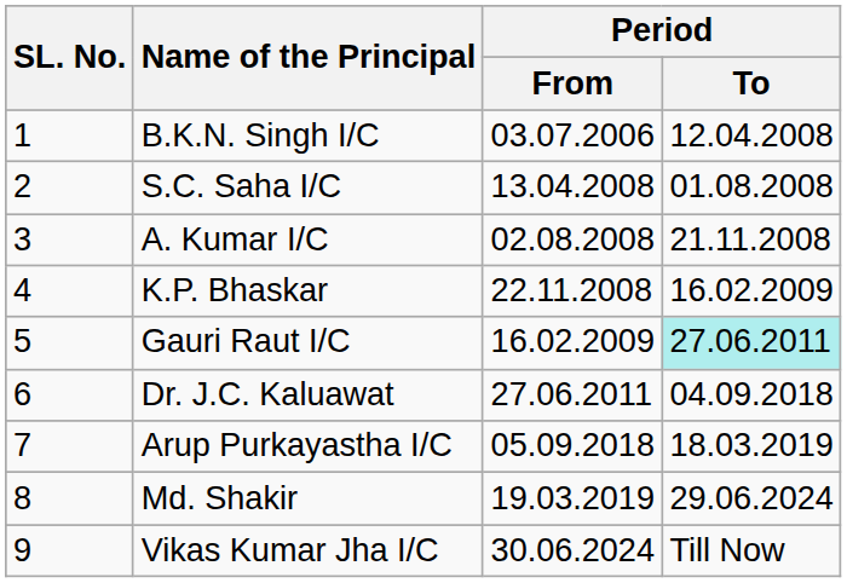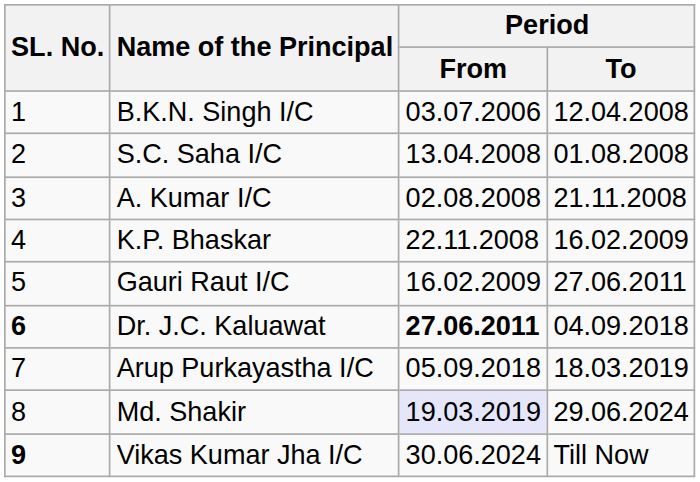 <table class="wikitable sortable mw-collapsible">
 <tr>
 <th rowspan=2>SL. No.</th>
 <th rowspan=2>Name of the Principal</th>
 <th colspan="2">Period</th>
 </tr>
 <tr>
 <th>From</th>
 <th>To</th>
 </tr>
 <tr>
 <td>1</td>
 <td>B.K.N. Singh I/C</td>
 <td>03.07.2006</td>
 <td>12.04.2008</td>
 </tr>
 <tr>
 <td>2</td>
 <td>S.C. Saha I/C</td>
 <td>13.04.2008</td>
 <td>01.08.2008</td>
 </tr>
 <tr>
 <td>3</td>
 <td>A. Kumar I/C</td>
 <td>02.08.2008</td>
 <td>21.11.2008</td>
 </tr>
 <tr>
 <td>4</td>
 <td>K.P. Bhaskar</td>
 <td>22.11.2008</td>
 <td>16.02.2009</td>
 </tr>
 <tr>
 <td>5</td>
 <td>Gauri Raut I/C</td>
 <td>16.02.2009</td>
-<td style="background: paleturquoise;">27.06.2011</td>
+<td>27.06.2011</td>
 </tr>
 <tr>
-<td>6</td>
+<td><strong>6</strong></td>
 <td>Dr. J.C. Kaluawat</td>
-<td>27.06.2011</td>
+<td><strong>27.06.2011</strong></td>
 <td>04.09.2018</td>
 </tr>
 <tr>
 <td>7</td>
 <td>Arup Purkayastha I/C</td>
 <td>05.09.2018</td>
 <td>18.03.2019</td>
 </tr>
 <tr>
 <td>8</td>
 <td>Md. Shakir</td>
-<td>19.03.2019</td>
+<td style="background: lavender;">19.03.2019</td>
 <td>29.06.2024</td>
 </tr>
 <tr>
-<td>9</td>
+<td><strong>9</strong></td>
 <td>Vikas Kumar Jha I/C</td>
 <td>30.06.2024</td>
 <td>Till Now</td>
 </tr>
 </table>
